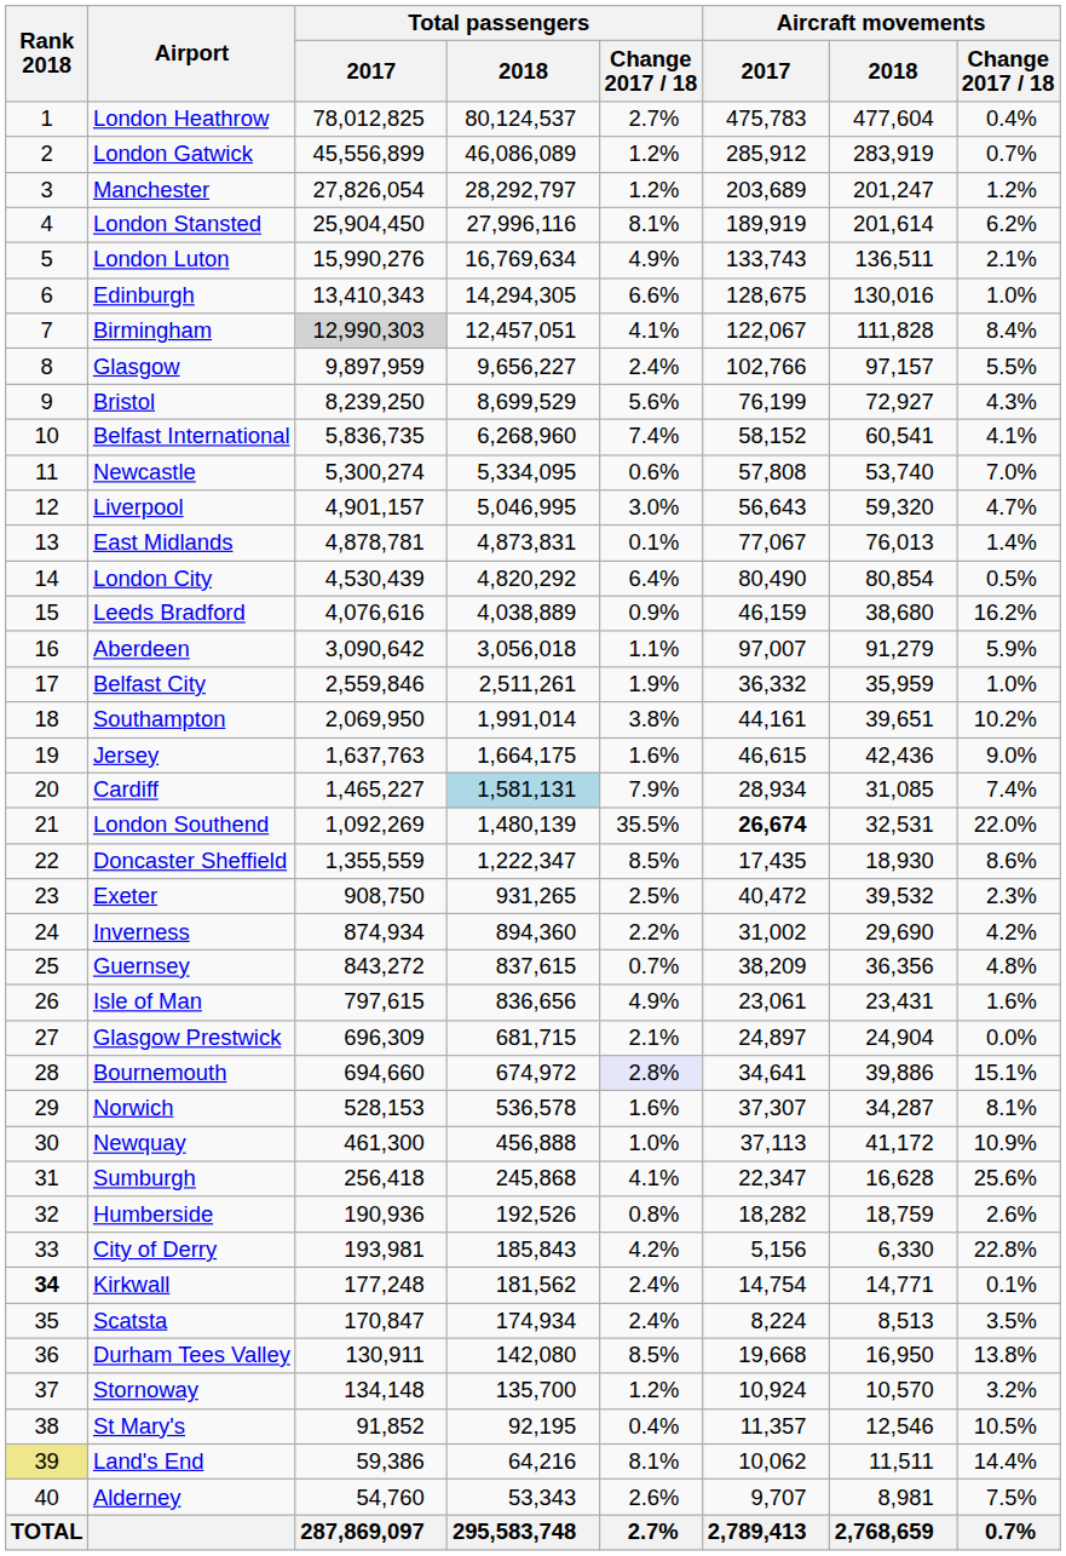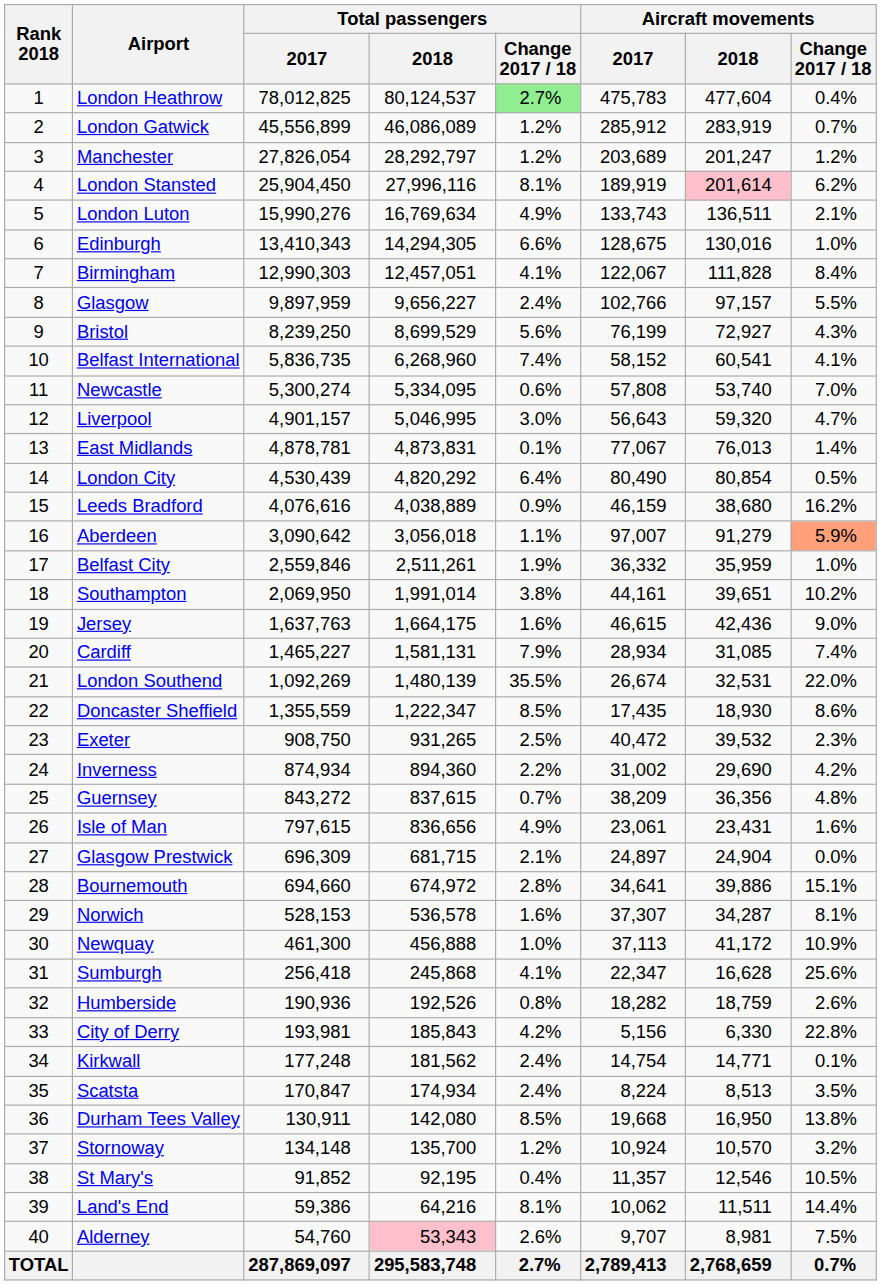 <table class="wikitable sortable" style="text-align: right; ">
 <tr>
 <th rowspan=2>Rank<br>2018</th>
 <th rowspan="2">Airport</th>
 <th colspan=3>Total passengers</th>
 <th colspan=3>Aircraft movements</th>
 </tr>
 <tr>
 <th>2017</th>
 <th>2018</th>
 <th>Change<br>2017 / 18</th>
 <th>2017</th>
 <th>2018</th>
 <th>Change<br>2017 / 18</th>
 </tr>
 <tr>
 <td align='center'>1</td>
 <td align='left'><a href='#'>London Heathrow</a></td>
 <td style="padding-right: 1em;">78,012,825</td>
 <td style="padding-right: 1em;">80,124,537</td>
-<td style="padding-right: 1em;">2.7%</td>
+<td style="background: lightgreen; padding-right: 1em;">2.7%</td>
 <td style="padding-right: 1em;">475,783</td>
 <td style="padding-right: 1em;">477,604</td>
 <td style="padding-right: 1em;">0.4%</td>
 </tr>
 <tr>
 <td align='center'>2</td>
 <td align='left'><a href='#'>London Gatwick</a></td>
 <td style="padding-right: 1em;">45,556,899</td>
 <td style="padding-right: 1em;">46,086,089</td>
 <td style="padding-right: 1em;">1.2%</td>
 <td style="padding-right: 1em;">285,912</td>
 <td style="padding-right: 1em;">283,919</td>
 <td style="padding-right: 1em;">0.7%</td>
 </tr>
 <tr>
 <td align='center'>3</td>
 <td align='left'><a href='#'>Manchester</a></td>
 <td style="padding-right: 1em;">27,826,054</td>
 <td style="padding-right: 1em;">28,292,797</td>
 <td style="padding-right: 1em;">1.2%</td>
 <td style="padding-right: 1em;">203,689</td>
 <td style="padding-right: 1em;">201,247</td>
 <td style="padding-right: 1em;">1.2%</td>
 </tr>
 <tr>
 <td align='center'>4</td>
 <td align='left'><a href='#'>London Stansted</a></td>
 <td style="padding-right: 1em;">25,904,450</td>
 <td style="padding-right: 1em;">27,996,116</td>
 <td style="padding-right: 1em;">8.1%</td>
 <td style="padding-right: 1em;">189,919</td>
-<td style="padding-right: 1em;">201,614</td>
+<td style="background: pink; padding-right: 1em;">201,614</td>
 <td style="padding-right: 1em;">6.2%</td>
 </tr>
 <tr>
 <td align='center'>5</td>
 <td align='left'><a href='#'>London Luton</a></td>
 <td style="padding-right: 1em;">15,990,276</td>
 <td style="padding-right: 1em;">16,769,634</td>
 <td style="padding-right: 1em;">4.9%</td>
 <td style="padding-right: 1em;">133,743</td>
 <td style="padding-right: 1em;">136,511</td>
 <td style="padding-right: 1em;">2.1%</td>
 </tr>
 <tr>
 <td align='center'>6</td>
 <td align='left'><a href='#'>Edinburgh</a></td>
 <td style="padding-right: 1em;">13,410,343</td>
 <td style="padding-right: 1em;">14,294,305</td>
 <td style="padding-right: 1em;">6.6%</td>
 <td style="padding-right: 1em;">128,675</td>
 <td style="padding-right: 1em;">130,016</td>
 <td style="padding-right: 1em;">1.0%</td>
 </tr>
 <tr>
 <td align='center'>7</td>
 <td align='left'><a href='#'>Birmingham</a></td>
-<td style="background: lightgrey; padding-right: 1em;">12,990,303</td>
+<td style="padding-right: 1em;">12,990,303</td>
 <td style="padding-right: 1em;">12,457,051</td>
 <td style="padding-right: 1em;">4.1%</td>
 <td style="padding-right: 1em;">122,067</td>
 <td style="padding-right: 1em;">111,828</td>
 <td style="padding-right: 1em;">8.4%</td>
 </tr>
 <tr>
 <td align='center'>8</td>
 <td align='left'><a href='#'>Glasgow</a></td>
 <td style="padding-right: 1em;">9,897,959</td>
 <td style="padding-right: 1em;">9,656,227</td>
 <td style="padding-right: 1em;">2.4%</td>
 <td style="padding-right: 1em;">102,766</td>
 <td style="padding-right: 1em;">97,157</td>
 <td style="padding-right: 1em;">5.5%</td>
 </tr>
 <tr>
 <td align='center'>9</td>
 <td align='left'><a href='#'>Bristol</a></td>
 <td style="padding-right: 1em;">8,239,250</td>
 <td style="padding-right: 1em;">8,699,529</td>
 <td style="padding-right: 1em;">5.6%</td>
 <td style="padding-right: 1em;">76,199</td>
 <td style="padding-right: 1em;">72,927</td>
 <td style="padding-right: 1em;">4.3%</td>
 </tr>
 <tr>
 <td align='center'>10</td>
 <td align='left'><a href='#'>Belfast International</a></td>
 <td style="padding-right: 1em;">5,836,735</td>
 <td style="padding-right: 1em;">6,268,960</td>
 <td style="padding-right: 1em;">7.4%</td>
 <td style="padding-right: 1em;">58,152</td>
 <td style="padding-right: 1em;">60,541</td>
 <td style="padding-right: 1em;">4.1%</td>
 </tr>
 <tr>
 <td align='center'>11</td>
 <td align='left'><a href='#'>Newcastle</a></td>
 <td style="padding-right: 1em;">5,300,274</td>
 <td style="padding-right: 1em;">5,334,095</td>
 <td style="padding-right: 1em;">0.6%</td>
 <td style="padding-right: 1em;">57,808</td>
 <td style="padding-right: 1em;">53,740</td>
 <td style="padding-right: 1em;">7.0%</td>
 </tr>
 <tr>
 <td align='center'>12</td>
 <td align='left'><a href='#'>Liverpool</a></td>
 <td style="padding-right: 1em;">4,901,157</td>
 <td style="padding-right: 1em;">5,046,995</td>
 <td style="padding-right: 1em;">3.0%</td>
 <td style="padding-right: 1em;">56,643</td>
 <td style="padding-right: 1em;">59,320</td>
 <td style="padding-right: 1em;">4.7%</td>
 </tr>
 <tr>
 <td align='center'>13</td>
 <td align='left'><a href='#'>East Midlands</a></td>
 <td style="padding-right: 1em;">4,878,781</td>
 <td style="padding-right: 1em;">4,873,831</td>
 <td style="padding-right: 1em;">0.1%</td>
 <td style="padding-right: 1em;">77,067</td>
 <td style="padding-right: 1em;">76,013</td>
 <td style="padding-right: 1em;">1.4%</td>
 </tr>
 <tr>
 <td align='center'>14</td>
 <td align='left'><a href='#'>London City</a></td>
 <td style="padding-right: 1em;">4,530,439</td>
 <td style="padding-right: 1em;">4,820,292</td>
 <td style="padding-right: 1em;">6.4%</td>
 <td style="padding-right: 1em;">80,490</td>
 <td style="padding-right: 1em;">80,854</td>
 <td style="padding-right: 1em;">0.5%</td>
 </tr>
 <tr>
 <td align='center'>15</td>
 <td align='left'><a href='#'>Leeds Bradford</a></td>
 <td style="padding-right: 1em;">4,076,616</td>
 <td style="padding-right: 1em;">4,038,889</td>
 <td style="padding-right: 1em;">0.9%</td>
 <td style="padding-right: 1em;">46,159</td>
 <td style="padding-right: 1em;">38,680</td>
 <td style="padding-right: 1em;">16.2%</td>
 </tr>
 <tr>
 <td align='center'>16</td>
 <td align='left'><a href='#'>Aberdeen</a></td>
 <td style="padding-right: 1em;">3,090,642</td>
 <td style="padding-right: 1em;">3,056,018</td>
 <td style="padding-right: 1em;">1.1%</td>
 <td style="padding-right: 1em;">97,007</td>
 <td style="padding-right: 1em;">91,279</td>
-<td style="padding-right: 1em;">5.9%</td>
+<td style="background: lightsalmon; padding-right: 1em;">5.9%</td>
 </tr>
 <tr>
 <td align='center'>17</td>
 <td align='left'><a href='#'>Belfast City</a></td>
 <td style="padding-right: 1em;">2,559,846</td>
 <td style="padding-right: 1em;">2,511,261</td>
 <td style="padding-right: 1em;">1.9%</td>
 <td style="padding-right: 1em;">36,332</td>
 <td style="padding-right: 1em;">35,959</td>
 <td style="padding-right: 1em;">1.0%</td>
 </tr>
 <tr>
 <td align='center'>18</td>
 <td align='left'><a href='#'>Southampton</a></td>
 <td style="padding-right: 1em;">2,069,950</td>
 <td style="padding-right: 1em;">1,991,014</td>
 <td style="padding-right: 1em;">3.8%</td>
 <td style="padding-right: 1em;">44,161</td>
 <td style="padding-right: 1em;">39,651</td>
 <td style="padding-right: 1em;">10.2%</td>
 </tr>
 <tr>
 <td align='center'>19</td>
 <td align='left'><a href='#'>Jersey</a></td>
 <td style="padding-right: 1em;">1,637,763</td>
 <td style="padding-right: 1em;">1,664,175</td>
 <td style="padding-right: 1em;">1.6%</td>
 <td style="padding-right: 1em;">46,615</td>
 <td style="padding-right: 1em;">42,436</td>
 <td style="padding-right: 1em;">9.0%</td>
 </tr>
 <tr>
 <td align='center'>20</td>
 <td align='left'><a href='#'>Cardiff</a></td>
 <td style="padding-right: 1em;">1,465,227</td>
-<td style="background: lightblue; padding-right: 1em;">1,581,131</td>
+<td style="padding-right: 1em;">1,581,131</td>
 <td style="padding-right: 1em;">7.9%</td>
 <td style="padding-right: 1em;">28,934</td>
 <td style="padding-right: 1em;">31,085</td>
 <td style="padding-right: 1em;">7.4%</td>
 </tr>
 <tr>
 <td align='center'>21</td>
 <td align='left'><a href='#'>London Southend</a></td>
 <td style="padding-right: 1em;">1,092,269</td>
 <td style="padding-right: 1em;">1,480,139</td>
 <td style="padding-right: 1em;">35.5%</td>
-<td style="padding-right: 1em;"><strong>26,674</strong></td>
+<td style="padding-right: 1em;">26,674</td>
 <td style="padding-right: 1em;">32,531</td>
 <td style="padding-right: 1em;">22.0%</td>
 </tr>
 <tr>
 <td align='center'>22</td>
 <td align='left'><a href='#'>Doncaster Sheffield</a></td>
 <td style="padding-right: 1em;">1,355,559</td>
 <td style="padding-right: 1em;">1,222,347</td>
 <td style="padding-right: 1em;">8.5%</td>
 <td style="padding-right: 1em;">17,435</td>
 <td style="padding-right: 1em;">18,930</td>
 <td style="padding-right: 1em;">8.6%</td>
 </tr>
 <tr>
 <td align='center'>23</td>
 <td align='left'><a href='#'>Exeter</a></td>
 <td style="padding-right: 1em;">908,750</td>
 <td style="padding-right: 1em;">931,265</td>
 <td style="padding-right: 1em;">2.5%</td>
 <td style="padding-right: 1em;">40,472</td>
 <td style="padding-right: 1em;">39,532</td>
 <td style="padding-right: 1em;">2.3%</td>
 </tr>
 <tr>
 <td align='center'>24</td>
 <td align='left'><a href='#'>Inverness</a></td>
 <td style="padding-right: 1em;">874,934</td>
 <td style="padding-right: 1em;">894,360</td>
 <td style="padding-right: 1em;">2.2%</td>
 <td style="padding-right: 1em;">31,002</td>
 <td style="padding-right: 1em;">29,690</td>
 <td style="padding-right: 1em;">4.2%</td>
 </tr>
 <tr>
 <td align='center'>25</td>
 <td align='left'><a href='#'>Guernsey</a></td>
 <td style="padding-right: 1em;">843,272</td>
 <td style="padding-right: 1em;">837,615</td>
 <td style="padding-right: 1em;">0.7%</td>
 <td style="padding-right: 1em;">38,209</td>
 <td style="padding-right: 1em;">36,356</td>
 <td style="padding-right: 1em;">4.8%</td>
 </tr>
 <tr>
 <td align='center'>26</td>
 <td align='left'><a href='#'>Isle of Man</a></td>
 <td style="padding-right: 1em;">797,615</td>
 <td style="padding-right: 1em;">836,656</td>
 <td style="padding-right: 1em;">4.9%</td>
 <td style="padding-right: 1em;">23,061</td>
 <td style="padding-right: 1em;">23,431</td>
 <td style="padding-right: 1em;">1.6%</td>
 </tr>
 <tr>
 <td align='center'>27</td>
 <td align='left'><a href='#'>Glasgow Prestwick</a></td>
 <td style="padding-right: 1em;">696,309</td>
 <td style="padding-right: 1em;">681,715</td>
 <td style="padding-right: 1em;">2.1%</td>
 <td style="padding-right: 1em;">24,897</td>
 <td style="padding-right: 1em;">24,904</td>
 <td style="padding-right: 1em;">0.0%</td>
 </tr>
 <tr>
 <td align='center'>28</td>
 <td align='left'><a href='#'>Bournemouth</a></td>
 <td style="padding-right: 1em;">694,660</td>
 <td style="padding-right: 1em;">674,972</td>
-<td style="background: lavender; padding-right: 1em;">2.8%</td>
+<td style="padding-right: 1em;">2.8%</td>
 <td style="padding-right: 1em;">34,641</td>
 <td style="padding-right: 1em;">39,886</td>
 <td style="padding-right: 1em;">15.1%</td>
 </tr>
 <tr>
 <td align='center'>29</td>
 <td align='left'><a href='#'>Norwich</a></td>
 <td style="padding-right: 1em;">528,153</td>
 <td style="padding-right: 1em;">536,578</td>
 <td style="padding-right: 1em;">1.6%</td>
 <td style="padding-right: 1em;">37,307</td>
 <td style="padding-right: 1em;">34,287</td>
 <td style="padding-right: 1em;">8.1%</td>
 </tr>
 <tr>
 <td align='center'>30</td>
 <td align="left"><a href='#'>Newquay</a></td>
 <td style="padding-right: 1em;">461,300</td>
 <td style="padding-right: 1em;">456,888</td>
 <td style="padding-right: 1em;">1.0%</td>
 <td style="padding-right: 1em;">37,113</td>
 <td style="padding-right: 1em;">41,172</td>
 <td style="padding-right: 1em;">10.9%</td>
 </tr>
 <tr>
 <td align='center'>31</td>
 <td align="left"><a href='#'>Sumburgh</a></td>
 <td style="padding-right: 1em;">256,418</td>
 <td style="padding-right: 1em;">245,868</td>
 <td style="padding-right: 1em;">4.1%</td>
 <td style="padding-right: 1em;">22,347</td>
 <td style="padding-right: 1em;">16,628</td>
 <td style="padding-right: 1em;">25.6%</td>
 </tr>
 <tr>
 <td align='center'>32</td>
 <td align='left'><a href='#'>Humberside</a></td>
 <td style="padding-right: 1em;">190,936</td>
 <td style="padding-right: 1em;">192,526</td>
 <td style="padding-right: 1em;">0.8%</td>
 <td style="padding-right: 1em;">18,282</td>
 <td style="padding-right: 1em;">18,759</td>
 <td style="padding-right: 1em;">2.6%</td>
 </tr>
 <tr>
 <td align='center'>33</td>
 <td align="left"><a href='#'>City of Derry</a></td>
 <td style="padding-right: 1em;">193,981</td>
 <td style="padding-right: 1em;">185,843</td>
 <td style="padding-right: 1em;">4.2%</td>
 <td style="padding-right: 1em;">5,156</td>
 <td style="padding-right: 1em;">6,330</td>
 <td style="padding-right: 1em;">22.8%</td>
 </tr>
 <tr>
-<td align='center'><strong>34</strong></td>
+<td align='center'>34</td>
 <td align='left'><a href='#'>Kirkwall</a></td>
 <td style="padding-right: 1em;">177,248</td>
 <td style="padding-right: 1em;">181,562</td>
 <td style="padding-right: 1em;">2.4%</td>
 <td style="padding-right: 1em;">14,754</td>
 <td style="padding-right: 1em;">14,771</td>
 <td style="padding-right: 1em;">0.1%</td>
 </tr>
 <tr>
 <td align='center'>35</td>
 <td align='left'><a href='#'>Scatsta</a></td>
 <td style="padding-right: 1em;">170,847</td>
 <td style="padding-right: 1em;">174,934</td>
 <td style="padding-right: 1em;">2.4%</td>
 <td style="padding-right: 1em;">8,224</td>
 <td style="padding-right: 1em;">8,513</td>
 <td style="padding-right: 1em;">3.5%</td>
 </tr>
 <tr>
 <td align='center'>36</td>
 <td align="left"><a href='#'>Durham Tees Valley</a></td>
 <td style="padding-right: 1em;">130,911</td>
 <td style="padding-right: 1em;">142,080</td>
 <td style="padding-right: 1em;">8.5%</td>
 <td style="padding-right: 1em;">19,668</td>
 <td style="padding-right: 1em;">16,950</td>
 <td style="padding-right: 1em;">13.8%</td>
 </tr>
 <tr>
 <td align='center'>37</td>
 <td align="left"><a href='#'>Stornoway</a></td>
 <td style="padding-right: 1em;">134,148</td>
 <td style="padding-right: 1em;">135,700</td>
 <td style="padding-right: 1em;">1.2%</td>
 <td style="padding-right: 1em;">10,924</td>
 <td style="padding-right: 1em;">10,570</td>
 <td style="padding-right: 1em;">3.2%</td>
 </tr>
 <tr>
 <td align='center'>38</td>
 <td align='left'><a href='#'>St Mary's</a></td>
 <td style="padding-right: 1em;">91,852</td>
 <td style="padding-right: 1em;">92,195</td>
 <td style="padding-right: 1em;">0.4%</td>
 <td style="padding-right: 1em;">11,357</td>
 <td style="padding-right: 1em;">12,546</td>
 <td style="padding-right: 1em;">10.5%</td>
 </tr>
 <tr>
-<td align='center' style="background: khaki;">39</td>
+<td align='center'>39</td>
 <td align='left'><a href='#'>Land's End</a></td>
 <td style="padding-right: 1em;">59,386</td>
 <td style="padding-right: 1em;">64,216</td>
 <td style="padding-right: 1em;">8.1%</td>
 <td style="padding-right: 1em;">10,062</td>
 <td style="padding-right: 1em;">11,511</td>
 <td style="padding-right: 1em;">14.4%</td>
 </tr>
 <tr>
 <td align='center'>40</td>
 <td align='left'><a href='#'>Alderney</a></td>
 <td style="padding-right: 1em;">54,760</td>
-<td style="padding-right: 1em;">53,343</td>
+<td style="background: pink; padding-right: 1em;">53,343</td>
 <td style="padding-right: 1em;">2.6%</td>
 <td style="padding-right: 1em;">9,707</td>
 <td style="padding-right: 1em;">8,981</td>
 <td style="padding-right: 1em;">7.5%</td>
 </tr>
 <tr class="sortbottom">
 <th>TOTAL</th>
 <th></th>
 <th style="padding-right: 1em;">287,869,097</th>
 <th style="padding-right: 1em;">295,583,748</th>
 <th style="padding-right: 0em;">2.7%</th>
 <th style="padding-right: 1em;">2,789,413</th>
 <th style="padding-right: 1em;">2,768,659</th>
 <th style="padding-right: 0em;">0.7%</th>
 </tr>
 </table>
